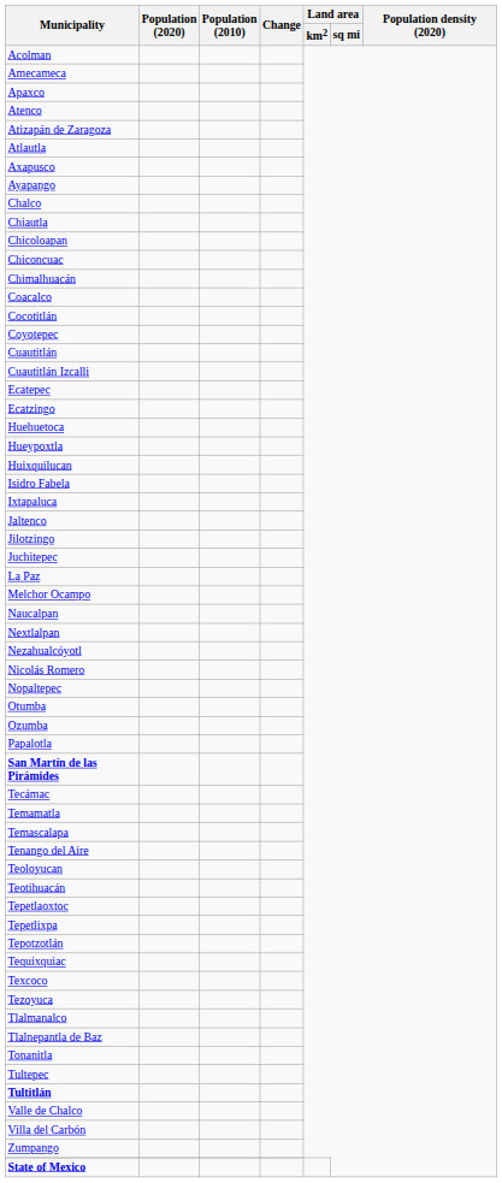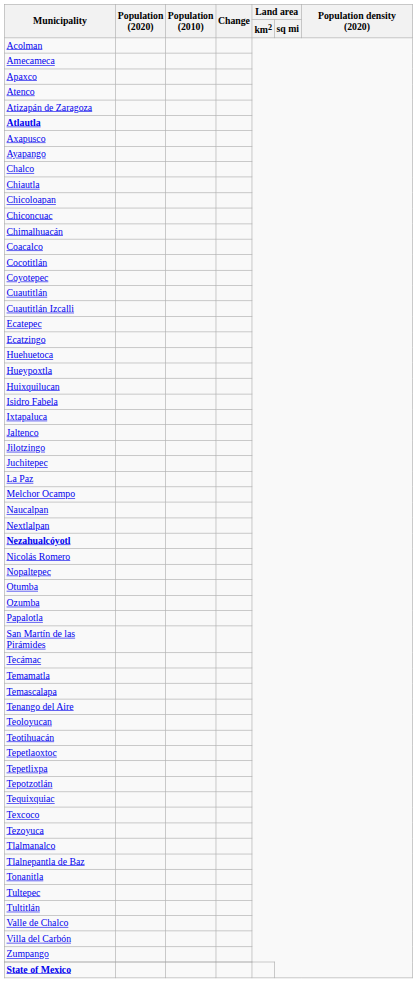 <table class="wikitable sortable" style="text-align:right;">
 <tr>
 <th rowspan="2" scope="col" width=175>Municipality</th>
 <th rowspan="2" scope="col">Population<br>(2020)</th>
 <th rowspan="2" scope="col">Population<br>(2010)</th>
 <th rowspan="2" scope="col">Change</th>
 <th colspan="2" scope="col" data-sort-type="number">Land area</th>
 <th rowspan="2" scope="col" data-sort-type="number" width=175>Population density<br>(2020)</th>
 </tr>
 <tr>
 <th>km<sup>2</sup></th>
 <th>sq mi</th>
 </tr>
 <tr>
 <td scope="row" align="left"><a href='#'>Acolman</a></td>
 <td></td>
 <td></td>
 <td></td>
 </tr>
 <tr>
 <td scope="row" align="left"><a href='#'>Amecameca</a></td>
 <td></td>
 <td></td>
 <td></td>
 </tr>
 <tr>
 <td scope="row" align="left"><a href='#'>Apaxco</a></td>
 <td></td>
 <td></td>
 <td></td>
 </tr>
 <tr>
 <td scope="row" align="left"><a href='#'>Atenco</a></td>
 <td></td>
 <td></td>
 <td></td>
 </tr>
 <tr>
 <td scope="row" align="left"><a href='#'>Atizapán de Zaragoza</a></td>
 <td></td>
 <td></td>
 <td></td>
 </tr>
 <tr>
-<td scope="row" align="left"><a href='#'>Atlautla</a></td>
+<td scope="row" align="left"><strong><a href='#'>Atlautla</a></strong></td>
 <td></td>
 <td></td>
 <td></td>
 </tr>
 <tr>
 <td scope="row" align="left"><a href='#'>Axapusco</a></td>
 <td></td>
 <td></td>
 <td></td>
 </tr>
 <tr>
 <td scope="row" align="left"><a href='#'>Ayapango</a></td>
 <td></td>
 <td></td>
 <td></td>
 </tr>
 <tr>
 <td scope="row" align="left"><a href='#'>Chalco</a></td>
 <td></td>
 <td></td>
 <td></td>
 </tr>
 <tr>
 <td scope="row" align="left"><a href='#'>Chiautla</a></td>
 <td></td>
 <td></td>
 <td></td>
 </tr>
 <tr>
 <td scope="row" align="left"><a href='#'>Chicoloapan</a></td>
 <td></td>
 <td></td>
 <td></td>
 </tr>
 <tr>
 <td scope="row" align="left"><a href='#'>Chiconcuac</a></td>
 <td></td>
 <td></td>
 <td></td>
 </tr>
 <tr>
 <td scope="row" align="left"><a href='#'>Chimalhuacán</a></td>
 <td></td>
 <td></td>
 <td></td>
 </tr>
 <tr>
 <td scope="row" align="left"><a href='#'>Coacalco</a></td>
 <td></td>
 <td></td>
 <td></td>
 </tr>
 <tr>
 <td scope="row" align="left"><a href='#'>Cocotitlán</a></td>
 <td></td>
 <td></td>
 <td></td>
 </tr>
 <tr>
 <td scope="row" align="left"><a href='#'>Coyotepec</a></td>
 <td></td>
 <td></td>
 <td></td>
 </tr>
 <tr>
 <td scope="row" align="left"><a href='#'>Cuautitlán</a></td>
 <td></td>
 <td></td>
 <td></td>
 </tr>
 <tr>
 <td scope="row" align="left"><a href='#'>Cuautitlán Izcalli</a></td>
 <td></td>
 <td></td>
 <td></td>
 </tr>
 <tr>
 <td scope="row" align="left"><a href='#'>Ecatepec</a></td>
 <td></td>
 <td></td>
 <td></td>
 </tr>
 <tr>
 <td scope="row" align="left"><a href='#'>Ecatzingo</a></td>
 <td></td>
 <td></td>
 <td></td>
 </tr>
 <tr>
 <td scope="row" align="left"><a href='#'>Huehuetoca</a></td>
 <td></td>
 <td></td>
 <td></td>
 </tr>
 <tr>
 <td scope="row" align="left"><a href='#'>Hueypoxtla</a></td>
 <td></td>
 <td></td>
 <td></td>
 </tr>
 <tr>
 <td scope="row" align="left"><a href='#'>Huixquilucan</a></td>
 <td></td>
 <td></td>
 <td></td>
 </tr>
 <tr>
 <td scope="row" align="left"><a href='#'>Isidro Fabela</a></td>
 <td></td>
 <td></td>
 <td></td>
 </tr>
 <tr>
 <td scope="row" align="left"><a href='#'>Ixtapaluca</a></td>
 <td></td>
 <td></td>
 <td></td>
 </tr>
 <tr>
 <td scope="row" align="left"><a href='#'>Jaltenco</a></td>
 <td></td>
 <td></td>
 <td></td>
 </tr>
 <tr>
 <td scope="row" align="left"><a href='#'>Jilotzingo</a></td>
 <td></td>
 <td></td>
 <td></td>
 </tr>
 <tr>
 <td scope="row" align="left"><a href='#'>Juchitepec</a></td>
 <td></td>
 <td></td>
 <td></td>
 </tr>
 <tr>
 <td scope="row" align="left"><a href='#'>La Paz</a></td>
 <td></td>
 <td></td>
 <td></td>
 </tr>
 <tr>
 <td scope="row" align="left"><a href='#'>Melchor Ocampo</a></td>
 <td></td>
 <td></td>
 <td></td>
 </tr>
 <tr>
 <td scope="row" align="left"><a href='#'>Naucalpan</a></td>
 <td></td>
 <td></td>
 <td></td>
 </tr>
 <tr>
 <td scope="row" align="left"><a href='#'>Nextlalpan</a></td>
 <td></td>
 <td></td>
 <td></td>
 </tr>
 <tr>
-<td scope="row" align="left"><a href='#'>Nezahualcóyotl</a></td>
+<td scope="row" align="left"><strong><a href='#'>Nezahualcóyotl</a></strong></td>
 <td></td>
 <td></td>
 <td></td>
 </tr>
 <tr>
 <td scope="row" align="left"><a href='#'>Nicolás Romero</a></td>
 <td></td>
 <td></td>
 <td></td>
 </tr>
 <tr>
 <td scope="row" align="left"><a href='#'>Nopaltepec</a></td>
 <td></td>
 <td></td>
 <td></td>
 </tr>
 <tr>
 <td scope="row" align="left"><a href='#'>Otumba</a></td>
 <td></td>
 <td></td>
 <td></td>
 </tr>
 <tr>
 <td scope="row" align="left"><a href='#'>Ozumba</a></td>
 <td></td>
 <td></td>
 <td></td>
 </tr>
 <tr>
 <td scope="row" align="left"><a href='#'>Papalotla</a></td>
 <td></td>
 <td></td>
 <td></td>
 </tr>
 <tr>
-<td scope="row" align="left"><strong><a href='#'>San Martín de las Pirámides</a></strong></td>
+<td scope="row" align="left"><a href='#'>San Martín de las Pirámides</a></td>
 <td></td>
 <td></td>
 <td></td>
 </tr>
 <tr>
 <td scope="row" align="left"><a href='#'>Tecámac</a></td>
 <td></td>
 <td></td>
 <td></td>
 </tr>
 <tr>
 <td scope="row" align="left"><a href='#'>Temamatla</a></td>
 <td></td>
 <td></td>
 <td></td>
 </tr>
 <tr>
 <td scope="row" align="left"><a href='#'>Temascalapa</a></td>
 <td></td>
 <td></td>
 <td></td>
 </tr>
 <tr>
 <td scope="row" align="left"><a href='#'>Tenango del Aire</a></td>
 <td></td>
 <td></td>
 <td></td>
 </tr>
 <tr>
 <td scope="row" align="left"><a href='#'>Teoloyucan</a></td>
 <td></td>
 <td></td>
 <td></td>
 </tr>
 <tr>
 <td scope="row" align="left"><a href='#'>Teotihuacán</a></td>
 <td></td>
 <td></td>
 <td></td>
 </tr>
 <tr>
 <td scope="row" align="left"><a href='#'>Tepetlaoxtoc</a></td>
 <td></td>
 <td></td>
 <td></td>
 </tr>
 <tr>
 <td scope="row" align="left"><a href='#'>Tepetlixpa</a></td>
 <td></td>
 <td></td>
 <td></td>
 </tr>
 <tr>
 <td scope="row" align="left"><a href='#'>Tepotzotlán</a></td>
 <td></td>
 <td></td>
 <td></td>
 </tr>
 <tr>
 <td scope="row" align="left"><a href='#'>Tequixquiac</a></td>
 <td></td>
 <td></td>
 <td></td>
 </tr>
 <tr>
 <td scope="row" align="left"><a href='#'>Texcoco</a></td>
 <td></td>
 <td></td>
 <td></td>
 </tr>
 <tr>
 <td scope="row" align="left"><a href='#'>Tezoyuca</a></td>
 <td></td>
 <td></td>
 <td></td>
 </tr>
 <tr>
 <td scope="row" align="left"><a href='#'>Tlalmanalco</a></td>
 <td></td>
 <td></td>
 <td></td>
 </tr>
 <tr>
 <td scope="row" align="left"><a href='#'>Tlalnepantla de Baz</a></td>
 <td></td>
 <td></td>
 <td></td>
 </tr>
 <tr>
 <td scope="row" align="left"><a href='#'>Tonanitla</a></td>
 <td></td>
 <td></td>
 <td></td>
 </tr>
 <tr>
 <td scope="row" align="left"><a href='#'>Tultepec</a></td>
 <td></td>
 <td></td>
 <td></td>
 </tr>
 <tr>
-<td scope="row" align="left"><strong><a href='#'>Tultitlán</a></strong></td>
+<td scope="row" align="left"><a href='#'>Tultitlán</a></td>
 <td></td>
 <td></td>
 <td></td>
 </tr>
 <tr>
 <td scope="row" align="left"><a href='#'>Valle de Chalco</a></td>
 <td></td>
 <td></td>
 <td></td>
 </tr>
 <tr>
 <td scope="row" align="left"><a href='#'>Villa del Carbón</a></td>
 <td></td>
 <td></td>
 <td></td>
 </tr>
 <tr>
 <td scope="row" align="left"><a href='#'>Zumpango</a></td>
 <td></td>
 <td></td>
 <td></td>
 </tr>
 <tr>
 </tr>
 <tr class="sortbottom" style="text-align:center;" style="background: #f2f2f2;">
 <td scope="row" align="left"><strong><a href='#'>State of Mexico</a></strong></td>
 <td></td>
 <td><strong></strong></td>
 <td align="right"><strong></strong></td>
 <td align="right"><strong></strong></td>
 </tr>
 </table>
